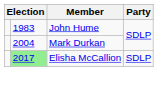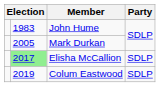 <table class="wikitable">
 <tr>
 <th colspan="2">Election</th>
 <th>Member</th>
 <th>Party</th>
 </tr>
 <tr>
 <td style="color:inherit;background-color: "></td>
 <td><a href='#'>1983</a></td>
 <td><a href='#'>John Hume</a></td>
 <td rowspan="2"><a href='#'>SDLP</a></td>
 </tr>
 <tr>
 <td style="color:inherit;background-color: "></td>
-<td><a href='#'>2004</a></td>
+<td><a href='#'>2005</a></td>
 <td><a href='#'>Mark Durkan</a></td>
 </tr>
 <tr>
 <td style="color:inherit;background-color: "></td>
 <td style="background: lightgreen;"><a href='#'>2017</a></td>
 <td><a href='#'>Elisha McCallion</a></td>
 <td><a href='#'>SDLP</a></td>
 </tr>
+<tr>
+<td style="color:inherit;background-color: "></td>
+<td><a href='#'>2019</a></td>
+<td><a href='#'>Colum Eastwood</a></td>
+<td><a href='#'>SDLP</a></td>
+</tr>
 </table>
